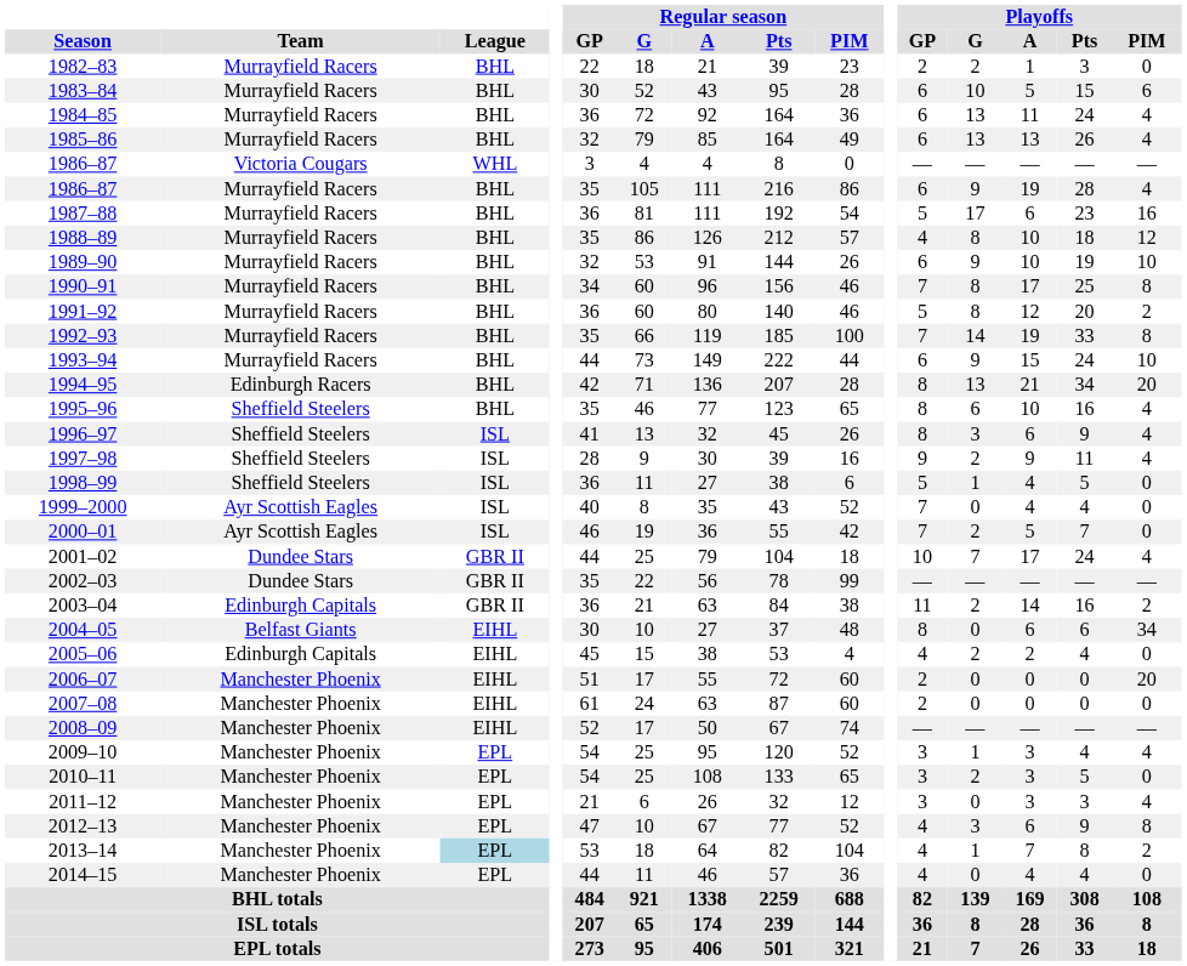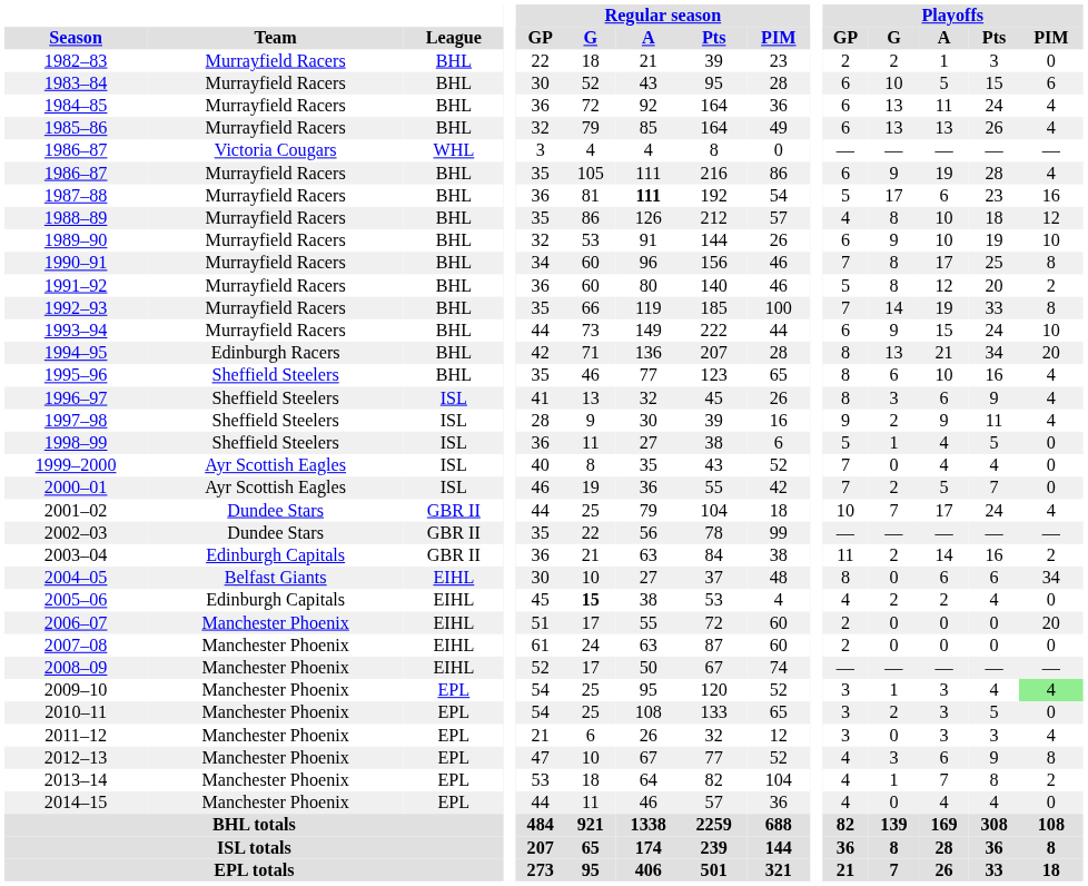 <table border="0" cellpadding="1" cellspacing="0" style="text-align:center; width:60em">
 <tr bgcolor="#e0e0e0">
 <th colspan="3" bgcolor="#ffffff"> </th>
 <th rowspan="99" bgcolor="#ffffff"> </th>
 <th colspan="5"><a href='#'>Regular season</a></th>
 <th rowspan="99" bgcolor="#ffffff"> </th>
 <th colspan="5"><a href='#'>Playoffs</a></th>
 </tr>
 <tr bgcolor="#e0e0e0">
 <th><a href='#'>Season</a></th>
 <th>Team</th>
 <th>League</th>
 <th>GP</th>
 <th><a href='#'>G</a></th>
 <th><a href='#'>A</a></th>
 <th><a href='#'>Pts</a></th>
 <th><a href='#'>PIM</a></th>
 <th>GP</th>
 <th>G</th>
 <th>A</th>
 <th>Pts</th>
 <th>PIM</th>
 </tr>
 <tr>
 <td><a href='#'>1982–83</a></td>
 <td><a href='#'>Murrayfield Racers</a></td>
 <td><a href='#'>BHL</a></td>
 <td>22</td>
 <td>18</td>
 <td>21</td>
 <td>39</td>
 <td>23</td>
 <td>2</td>
 <td>2</td>
 <td>1</td>
 <td>3</td>
 <td>0</td>
 </tr>
 <tr bgcolor="#f0f0f0">
 <td><a href='#'>1983–84</a></td>
 <td>Murrayfield Racers</td>
 <td>BHL</td>
 <td>30</td>
 <td>52</td>
 <td>43</td>
 <td>95</td>
 <td>28</td>
 <td>6</td>
 <td>10</td>
 <td>5</td>
 <td>15</td>
 <td>6</td>
 </tr>
 <tr>
 <td><a href='#'>1984–85</a></td>
 <td>Murrayfield Racers</td>
 <td>BHL</td>
 <td>36</td>
 <td>72</td>
 <td>92</td>
 <td>164</td>
 <td>36</td>
 <td>6</td>
 <td>13</td>
 <td>11</td>
 <td>24</td>
 <td>4</td>
 </tr>
 <tr bgcolor="#f0f0f0">
 <td><a href='#'>1985–86</a></td>
 <td>Murrayfield Racers</td>
 <td>BHL</td>
 <td>32</td>
 <td>79</td>
 <td>85</td>
 <td>164</td>
 <td>49</td>
 <td>6</td>
 <td>13</td>
 <td>13</td>
 <td>26</td>
 <td>4</td>
 </tr>
 <tr>
 <td><a href='#'>1986–87</a></td>
 <td><a href='#'>Victoria Cougars</a></td>
 <td><a href='#'>WHL</a></td>
 <td>3</td>
 <td>4</td>
 <td>4</td>
 <td>8</td>
 <td>0</td>
 <td>—</td>
 <td>—</td>
 <td>—</td>
 <td>—</td>
 <td>—</td>
 </tr>
 <tr bgcolor="#f0f0f0">
 <td><a href='#'>1986–87</a></td>
 <td>Murrayfield Racers</td>
 <td>BHL</td>
 <td>35</td>
 <td>105</td>
 <td>111</td>
 <td>216</td>
 <td>86</td>
 <td>6</td>
 <td>9</td>
 <td>19</td>
 <td>28</td>
 <td>4</td>
 </tr>
 <tr>
 <td><a href='#'>1987–88</a></td>
 <td>Murrayfield Racers</td>
 <td>BHL</td>
 <td>36</td>
 <td>81</td>
-<td>111</td>
+<td><strong>111</strong></td>
 <td>192</td>
 <td>54</td>
 <td>5</td>
 <td>17</td>
 <td>6</td>
 <td>23</td>
 <td>16</td>
 </tr>
 <tr bgcolor="#f0f0f0">
 <td><a href='#'>1988–89</a></td>
 <td>Murrayfield Racers</td>
 <td>BHL</td>
 <td>35</td>
 <td>86</td>
 <td>126</td>
 <td>212</td>
 <td>57</td>
 <td>4</td>
 <td>8</td>
 <td>10</td>
 <td>18</td>
 <td>12</td>
 </tr>
 <tr>
 <td><a href='#'>1989–90</a></td>
 <td>Murrayfield Racers</td>
 <td>BHL</td>
 <td>32</td>
 <td>53</td>
 <td>91</td>
 <td>144</td>
 <td>26</td>
 <td>6</td>
 <td>9</td>
 <td>10</td>
 <td>19</td>
 <td>10</td>
 </tr>
 <tr bgcolor="#f0f0f0">
 <td><a href='#'>1990–91</a></td>
 <td>Murrayfield Racers</td>
 <td>BHL</td>
 <td>34</td>
 <td>60</td>
 <td>96</td>
 <td>156</td>
 <td>46</td>
 <td>7</td>
 <td>8</td>
 <td>17</td>
 <td>25</td>
 <td>8</td>
 </tr>
 <tr>
 <td><a href='#'>1991–92</a></td>
 <td>Murrayfield Racers</td>
 <td>BHL</td>
 <td>36</td>
 <td>60</td>
 <td>80</td>
 <td>140</td>
 <td>46</td>
 <td>5</td>
 <td>8</td>
 <td>12</td>
 <td>20</td>
 <td>2</td>
 </tr>
 <tr bgcolor="#f0f0f0">
 <td><a href='#'>1992–93</a></td>
 <td>Murrayfield Racers</td>
 <td>BHL</td>
 <td>35</td>
 <td>66</td>
 <td>119</td>
 <td>185</td>
 <td>100</td>
 <td>7</td>
 <td>14</td>
 <td>19</td>
 <td>33</td>
 <td>8</td>
 </tr>
 <tr>
 <td><a href='#'>1993–94</a></td>
 <td>Murrayfield Racers</td>
 <td>BHL</td>
 <td>44</td>
 <td>73</td>
 <td>149</td>
 <td>222</td>
 <td>44</td>
 <td>6</td>
 <td>9</td>
 <td>15</td>
 <td>24</td>
 <td>10</td>
 </tr>
 <tr bgcolor="#f0f0f0">
 <td><a href='#'>1994–95</a></td>
 <td>Edinburgh Racers</td>
 <td>BHL</td>
 <td>42</td>
 <td>71</td>
 <td>136</td>
 <td>207</td>
 <td>28</td>
 <td>8</td>
 <td>13</td>
 <td>21</td>
 <td>34</td>
 <td>20</td>
 </tr>
 <tr>
 <td><a href='#'>1995–96</a></td>
 <td><a href='#'>Sheffield Steelers</a></td>
 <td>BHL</td>
 <td>35</td>
 <td>46</td>
 <td>77</td>
 <td>123</td>
 <td>65</td>
 <td>8</td>
 <td>6</td>
 <td>10</td>
 <td>16</td>
 <td>4</td>
 </tr>
 <tr bgcolor="#f0f0f0">
 <td><a href='#'>1996–97</a></td>
 <td>Sheffield Steelers</td>
 <td><a href='#'>ISL</a></td>
 <td>41</td>
 <td>13</td>
 <td>32</td>
 <td>45</td>
 <td>26</td>
 <td>8</td>
 <td>3</td>
 <td>6</td>
 <td>9</td>
 <td>4</td>
 </tr>
 <tr>
 <td><a href='#'>1997–98</a></td>
 <td>Sheffield Steelers</td>
 <td>ISL</td>
 <td>28</td>
 <td>9</td>
 <td>30</td>
 <td>39</td>
 <td>16</td>
 <td>9</td>
 <td>2</td>
 <td>9</td>
 <td>11</td>
 <td>4</td>
 </tr>
 <tr bgcolor="#f0f0f0">
 <td><a href='#'>1998–99</a></td>
 <td>Sheffield Steelers</td>
 <td>ISL</td>
 <td>36</td>
 <td>11</td>
 <td>27</td>
 <td>38</td>
 <td>6</td>
 <td>5</td>
 <td>1</td>
 <td>4</td>
 <td>5</td>
 <td>0</td>
 </tr>
 <tr>
 <td><a href='#'>1999–2000</a></td>
 <td><a href='#'>Ayr Scottish Eagles</a></td>
 <td>ISL</td>
 <td>40</td>
 <td>8</td>
 <td>35</td>
 <td>43</td>
 <td>52</td>
 <td>7</td>
 <td>0</td>
 <td>4</td>
 <td>4</td>
 <td>0</td>
 </tr>
 <tr bgcolor="#f0f0f0">
 <td><a href='#'>2000–01</a></td>
 <td>Ayr Scottish Eagles</td>
 <td>ISL</td>
 <td>46</td>
 <td>19</td>
 <td>36</td>
 <td>55</td>
 <td>42</td>
 <td>7</td>
 <td>2</td>
 <td>5</td>
 <td>7</td>
 <td>0</td>
 </tr>
 <tr>
 <td>2001–02</td>
 <td><a href='#'>Dundee Stars</a></td>
 <td><a href='#'>GBR II</a></td>
 <td>44</td>
 <td>25</td>
 <td>79</td>
 <td>104</td>
 <td>18</td>
 <td>10</td>
 <td>7</td>
 <td>17</td>
 <td>24</td>
 <td>4</td>
 </tr>
 <tr bgcolor="#f0f0f0">
 <td>2002–03</td>
 <td>Dundee Stars</td>
 <td>GBR II</td>
 <td>35</td>
 <td>22</td>
 <td>56</td>
 <td>78</td>
 <td>99</td>
 <td>—</td>
 <td>—</td>
 <td>—</td>
 <td>—</td>
 <td>—</td>
 </tr>
 <tr>
 <td>2003–04</td>
 <td><a href='#'>Edinburgh Capitals</a></td>
 <td>GBR II</td>
 <td>36</td>
 <td>21</td>
 <td>63</td>
 <td>84</td>
 <td>38</td>
 <td>11</td>
 <td>2</td>
 <td>14</td>
 <td>16</td>
 <td>2</td>
 </tr>
 <tr bgcolor="#f0f0f0">
 <td><a href='#'>2004–05</a></td>
 <td><a href='#'>Belfast Giants</a></td>
 <td><a href='#'>EIHL</a></td>
 <td>30</td>
 <td>10</td>
 <td>27</td>
 <td>37</td>
 <td>48</td>
 <td>8</td>
 <td>0</td>
 <td>6</td>
 <td>6</td>
 <td>34</td>
 </tr>
 <tr>
 <td><a href='#'>2005–06</a></td>
 <td>Edinburgh Capitals</td>
 <td>EIHL</td>
 <td>45</td>
-<td>15</td>
+<td><strong>15</strong></td>
 <td>38</td>
 <td>53</td>
 <td>4</td>
 <td>4</td>
 <td>2</td>
 <td>2</td>
 <td>4</td>
 <td>0</td>
 </tr>
 <tr bgcolor="#f0f0f0">
 <td><a href='#'>2006–07</a></td>
 <td><a href='#'>Manchester Phoenix</a></td>
 <td>EIHL</td>
 <td>51</td>
 <td>17</td>
 <td>55</td>
 <td>72</td>
 <td>60</td>
 <td>2</td>
 <td>0</td>
 <td>0</td>
 <td>0</td>
 <td>20</td>
 </tr>
 <tr>
 <td><a href='#'>2007–08</a></td>
 <td>Manchester Phoenix</td>
 <td>EIHL</td>
 <td>61</td>
 <td>24</td>
 <td>63</td>
 <td>87</td>
 <td>60</td>
 <td>2</td>
 <td>0</td>
 <td>0</td>
 <td>0</td>
 <td>0</td>
 </tr>
 <tr bgcolor="#f0f0f0">
 <td><a href='#'>2008–09</a></td>
 <td>Manchester Phoenix</td>
 <td>EIHL</td>
 <td>52</td>
 <td>17</td>
 <td>50</td>
 <td>67</td>
 <td>74</td>
 <td>—</td>
 <td>—</td>
 <td>—</td>
 <td>—</td>
 <td>—</td>
 </tr>
 <tr>
 <td>2009–10</td>
 <td>Manchester Phoenix</td>
 <td><a href='#'>EPL</a></td>
 <td>54</td>
 <td>25</td>
 <td>95</td>
 <td>120</td>
 <td>52</td>
 <td>3</td>
 <td>1</td>
 <td>3</td>
 <td>4</td>
-<td>4</td>
+<td style="background: lightgreen;">4</td>
 </tr>
 <tr bgcolor="#f0f0f0">
 <td>2010–11</td>
 <td>Manchester Phoenix</td>
 <td>EPL</td>
 <td>54</td>
 <td>25</td>
 <td>108</td>
 <td>133</td>
 <td>65</td>
 <td>3</td>
 <td>2</td>
 <td>3</td>
 <td>5</td>
 <td>0</td>
 </tr>
 <tr>
 <td>2011–12</td>
 <td>Manchester Phoenix</td>
 <td>EPL</td>
 <td>21</td>
 <td>6</td>
 <td>26</td>
 <td>32</td>
 <td>12</td>
 <td>3</td>
 <td>0</td>
 <td>3</td>
 <td>3</td>
 <td>4</td>
 </tr>
 <tr bgcolor="#f0f0f0">
 <td>2012–13</td>
 <td>Manchester Phoenix</td>
 <td>EPL</td>
 <td>47</td>
 <td>10</td>
 <td>67</td>
 <td>77</td>
 <td>52</td>
 <td>4</td>
 <td>3</td>
 <td>6</td>
 <td>9</td>
 <td>8</td>
 </tr>
 <tr>
 <td>2013–14</td>
 <td>Manchester Phoenix</td>
-<td style="background: lightblue;">EPL</td>
+<td>EPL</td>
 <td>53</td>
 <td>18</td>
 <td>64</td>
 <td>82</td>
 <td>104</td>
 <td>4</td>
 <td>1</td>
 <td>7</td>
 <td>8</td>
 <td>2</td>
 </tr>
 <tr bgcolor="#f0f0f0">
 <td>2014–15</td>
 <td>Manchester Phoenix</td>
 <td>EPL</td>
 <td>44</td>
 <td>11</td>
 <td>46</td>
 <td>57</td>
 <td>36</td>
 <td>4</td>
 <td>0</td>
 <td>4</td>
 <td>4</td>
 <td>0</td>
 </tr>
 <tr bgcolor="#e0e0e0">
 <th colspan="3">BHL totals</th>
 <th>484</th>
 <th>921</th>
 <th>1338</th>
 <th>2259</th>
 <th>688</th>
 <th>82</th>
 <th>139</th>
 <th>169</th>
 <th>308</th>
 <th>108</th>
 </tr>
 <tr bgcolor="#e0e0e0">
 <th colspan="3">ISL totals</th>
 <th>207</th>
 <th>65</th>
 <th>174</th>
 <th>239</th>
 <th>144</th>
 <th>36</th>
 <th>8</th>
 <th>28</th>
 <th>36</th>
 <th>8</th>
 </tr>
 <tr bgcolor="#e0e0e0">
 <th colspan="3">EPL totals</th>
 <th>273</th>
 <th>95</th>
 <th>406</th>
 <th>501</th>
 <th>321</th>
 <th>21</th>
 <th>7</th>
 <th>26</th>
 <th>33</th>
 <th>18</th>
 </tr>
 </table>
